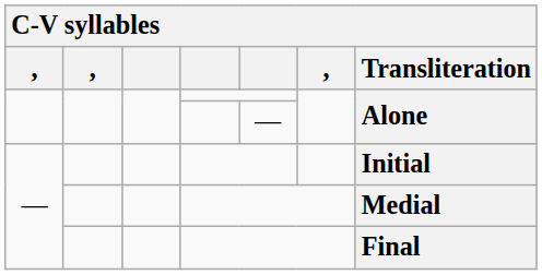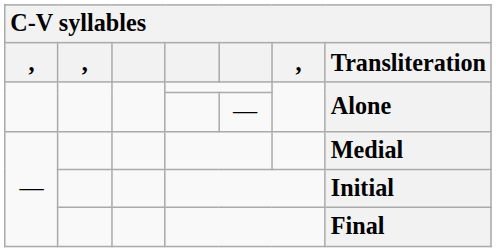 <table class="wikitable" style="text-align: center; display: inline-table;">
 <tr>
 <th colspan="7" style="text-align: left">C-V syllables</th>
 </tr>
 <tr>
 <th style="min-width: 1.75em">, </th>
 <th style="min-width: 1.75em">, </th>
 <th style="min-width: 1.75em"></th>
 <th style="min-width: 1.75em"></th>
 <th style="min-width: 1.75em"></th>
 <th style="min-width: 1.75em">, </th>
 <th style="text-align: left">Transliteration</th>
 </tr>
 <tr>
 <td rowspan="2"> </td>
 <td rowspan="2"></td>
 <td rowspan="2"></td>
 <td colspan="2"></td>
 <td rowspan="2"></td>
 <th rowspan="2" style="text-align: left">Alone</th>
 </tr>
 <tr>
 <td></td>
 <td>—</td>
 </tr>
 <tr>
 <td rowspan="3">—</td>
 <td></td>
 <td></td>
 <td colspan="2"></td>
 <td></td>
-<th style="text-align: left">Initial</th>
+<th style="text-align: left">Medial</th>
 </tr>
 <tr>
 <td></td>
 <td></td>
 <td colspan="3"></td>
-<th style="text-align: left">Medial</th>
+<th style="text-align: left">Initial</th>
 </tr>
 <tr>
 <td></td>
 <td></td>
 <td colspan="3"></td>
 <th style="text-align: left">Final</th>
 </tr>
 </table>
